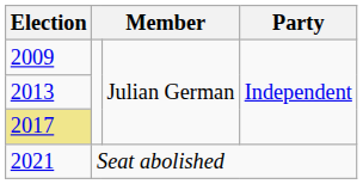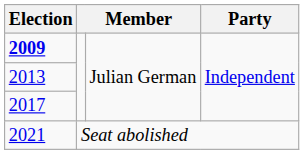 <table class="wikitable">
 <tr>
 <th>Election</th>
 <th colspan="2">Member</th>
 <th>Party</th>
 </tr>
 <tr>
-<td><a href='#'>2009</a></td>
+<td><strong><a href='#'>2009</a></strong></td>
 <td rowspan="3" style="background-color: "></td>
 <td rowspan="3">Julian German</td>
 <td rowspan="3"><a href='#'>Independent</a></td>
 </tr>
 <tr>
 <td><a href='#'>2013</a></td>
 </tr>
 <tr>
-<td style="background: khaki;"><a href='#'>2017</a></td>
+<td><a href='#'>2017</a></td>
 </tr>
 <tr>
 <td><a href='#'>2021</a></td>
 <td colspan="3"><em>Seat abolished</em></td>
 </tr>
 </table>
